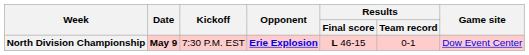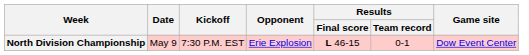 <table class="wikitable" style="font-size: 92%;" "align=center">
 <tr>
 <th rowspan="2">Week</th>
 <th rowspan="2">Date</th>
 <th rowspan="2">Kickoff</th>
 <th rowspan="2">Opponent</th>
 <th colspan="2">Results</th>
 <th rowspan="2">Game site</th>
 </tr>
 <tr>
 <th>Final score</th>
 <th>Team record</th>
 </tr>
 <tr style="background:#fcc">
 <th>North Division Championship</th>
-<td style="text-align:center;"><strong>May 9</strong></td>
+<td style="text-align:center;">May 9</td>
 <td style="text-align:center;">7:30 P.M. EST</td>
-<td style="text-align:center;"><strong><a href='#'>Erie Explosion</a></strong></td>
+<td style="text-align:center;"><a href='#'>Erie Explosion</a></td>
 <td style="text-align:center;"><strong>L</strong> 46-15</td>
 <td style="text-align:center;">0-1</td>
 <td style="text-align:center;"><a href='#'>Dow Event Center</a></td>
 </tr>
 </table>
